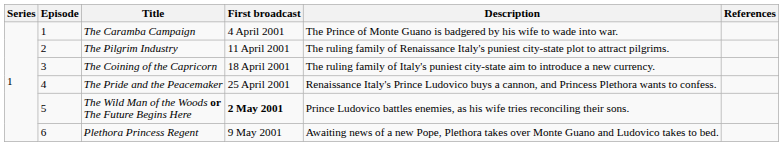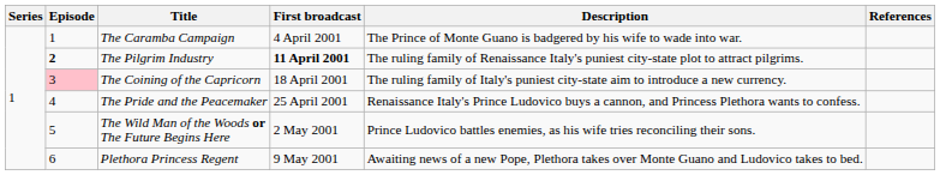 <table class="wikitable">
 <tr>
 <th>Series</th>
 <th>Episode</th>
 <th>Title</th>
 <th>First broadcast</th>
 <th>Description</th>
 <th>References</th>
 </tr>
 <tr>
 <td rowspan="6">1</td>
 <td>1</td>
 <td><em>The Caramba Campaign</em></td>
 <td>4 April 2001</td>
 <td>The Prince of Monte Guano is badgered by his wife to wade into war.</td>
 <td></td>
 </tr>
 <tr>
-<td>2</td>
+<td><strong>2</strong></td>
 <td><em>The Pilgrim Industry</em></td>
-<td>11 April 2001</td>
+<td><strong>11 April 2001</strong></td>
 <td>The ruling family of Renaissance Italy's puniest city-state plot to attract pilgrims.</td>
 <td></td>
 </tr>
 <tr>
-<td>3</td>
+<td style="background: pink;">3</td>
 <td><em>The Coining of the Capricorn</em></td>
 <td>18 April 2001</td>
 <td>The ruling family of Italy's puniest city-state aim to introduce a new currency.</td>
 <td></td>
 </tr>
 <tr>
 <td>4</td>
 <td><em>The Pride and the Peacemaker</em></td>
 <td>25 April 2001</td>
 <td>Renaissance Italy's Prince Ludovico buys a cannon, and Princess Plethora wants to confess.</td>
 <td></td>
 </tr>
 <tr>
 <td>5</td>
 <td><em>The Wild Man of the Woods</em> <strong>or</strong> <br> <em>The Future Begins Here</em></td>
-<td><strong>2 May 2001</strong></td>
+<td>2 May 2001</td>
 <td>Prince Ludovico battles enemies, as his wife tries reconciling their sons.</td>
 <td></td>
 </tr>
 <tr>
 <td>6</td>
 <td><em>Plethora Princess Regent</em></td>
 <td>9 May 2001</td>
 <td>Awaiting news of a new Pope, Plethora takes over Monte Guano and Ludovico takes to bed.</td>
 <td></td>
 </tr>
 </table>
